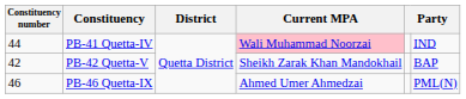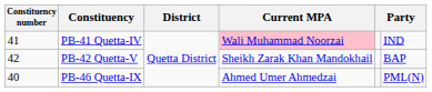 <table class="wikitable">
 <tr>
 <th width="50px" style="font-size:75%">Constituency number</th>
 <th>Constituency</th>
 <th>District</th>
 <th>Current MPA</th>
 <th colspan="2">Party</th>
 </tr>
 <tr>
-<td>44</td>
+<td>41</td>
 <td><a href='#'>PB-41 Quetta-IV</a></td>
 <td rowspan="3"><a href='#'>Quetta District</a></td>
 <td style="background: pink;"><a href='#'>Wali Muhammad Noorzai</a></td>
 <td></td>
 <td><a href='#'>IND</a></td>
 </tr>
 <tr>
 <td>42</td>
 <td><a href='#'>PB-42 Quetta-V</a></td>
 <td><a href='#'>Sheikh Zarak Khan Mandokhail</a></td>
 <td></td>
 <td><a href='#'>BAP</a></td>
 </tr>
 <tr>
-<td>46</td>
+<td>40</td>
 <td><a href='#'>PB-46 Quetta-IX</a></td>
 <td><a href='#'>Ahmed Umer Ahmedzai</a></td>
 <td></td>
 <td><a href='#'>PML(N)</a></td>
 </tr>
 </table>
